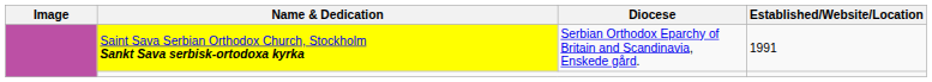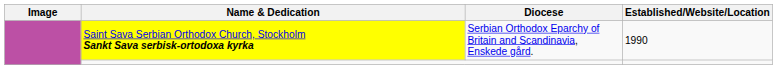 <table width=95% class="wikitable">
 <tr>
 <th width=10%>Image</th>
 <th width=50%>Name & Dedication</th>
 <th>Diocese</th>
 <th width=10%>Established/Website/Location</th>
 </tr>
 <tr>
 <td rowspan="2" bgcolor="#BC50A5" align="center"></td>
 <td bgcolor="yellow"><a href='#'>Saint Sava Serbian Orthodox Church, Stockholm</a><br><strong><em>Sankt Sava serbisk-ortodoxa kyrka</em></strong></td>
 <td><a href='#'>Serbian Orthodox Eparchy of Britain and Scandinavia</a>, <a href='#'>Enskede gård</a>.</td>
-<td>1991</td>
+<td>1990</td>
 </tr>
 <tr>
 <td colspan="2"><small></small></td>
 <td><small></small></td>
 </tr>
 </table>
